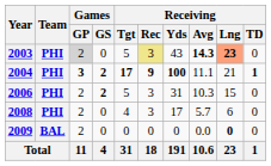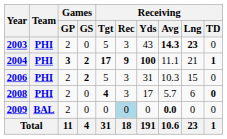 <table class="wikitable" style="text-align:center">
 <tr>
 <th rowspan="2">Year</th>
 <th rowspan="2">Team</th>
 <th colspan="2">Games</th>
 <th colspan="6">Receiving</th>
 </tr>
 <tr>
 <th>GP</th>
 <th>GS</th>
 <th>Tgt</th>
 <th>Rec</th>
 <th>Yds</th>
 <th>Avg</th>
 <th>Lng</th>
 <th>TD</th>
 </tr>
 <tr>
 <th><a href='#'>2003</a></th>
 <th><a href='#'>PHI</a></th>
-<td style="background: lightgrey;">2</td>
+<td>2</td>
 <td>0</td>
 <td>5</td>
-<td style="background: khaki;">3</td>
+<td>3</td>
 <td>43</td>
 <td><strong>14.3</strong></td>
-<td style="background: lightsalmon;"><strong>23</strong></td>
+<td><strong>23</strong></td>
 <td>0</td>
 </tr>
 <tr>
 <th><a href='#'>2004</a></th>
 <th><a href='#'>PHI</a></th>
 <td><strong>3</strong></td>
 <td><strong>2</strong></td>
 <td><strong>17</strong></td>
 <td><strong>9</strong></td>
 <td><strong>100</strong></td>
 <td>11.1</td>
 <td>21</td>
 <td><strong>1</strong></td>
 </tr>
 <tr>
 <th><a href='#'>2006</a></th>
 <th><a href='#'>PHI</a></th>
 <td>2</td>
 <td><strong>2</strong></td>
 <td>5</td>
 <td>3</td>
 <td>31</td>
 <td>10.3</td>
 <td>15</td>
 <td>0</td>
 </tr>
 <tr>
 <th><a href='#'>2008</a></th>
 <th><a href='#'>PHI</a></th>
 <td>2</td>
 <td>0</td>
-<td>4</td>
+<td><strong>4</strong></td>
 <td>3</td>
 <td>17</td>
 <td>5.7</td>
 <td>6</td>
-<td>0</td>
+<td><strong>0</strong></td>
 </tr>
 <tr>
 <th><a href='#'>2009</a></th>
 <th><a href='#'>BAL</a></th>
 <td>2</td>
 <td>0</td>
 <td>0</td>
+<td style="background: lightblue;">0</td>
 <td>0</td>
+<td><strong>0.0</strong></td>
 <td>0</td>
-<td>0.0</td>
-<td><strong>0</strong></td>
 <td>0</td>
 </tr>
 <tr>
 <th colspan="2">Total</th>
 <th>11</th>
 <th>4</th>
 <th>31</th>
 <th>18</th>
 <th>191</th>
 <th>10.6</th>
 <th>23</th>
 <th>1</th>
 </tr>
 </table>
